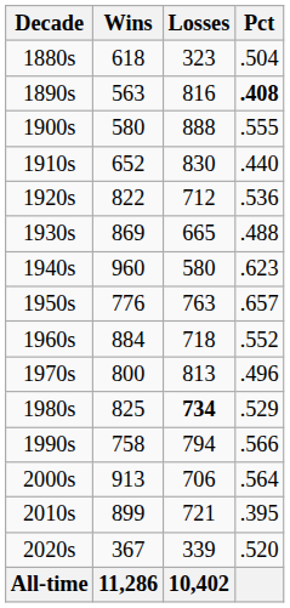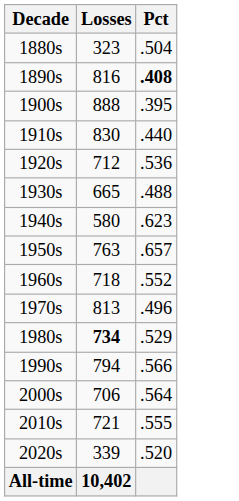 <table class="wikitable" style="text-align:center">
 <tr>
 <th style="text-align:center; ">Decade</th>
-<th style="text-align:center; ">Wins</th>
 <th style="text-align:center; ">Losses</th>
 <th style="text-align:center; ">Pct</th>
 </tr>
 <tr>
 <td>1880s</td>
-<td>618</td>
 <td>323</td>
 <td>.504</td>
 </tr>
 <tr>
 <td>1890s</td>
-<td>563</td>
 <td>816</td>
 <td><strong>.408</strong></td>
 </tr>
 <tr>
 <td>1900s</td>
-<td>580</td>
 <td>888</td>
-<td>.555</td>
+<td>.395</td>
 </tr>
 <tr>
 <td>1910s</td>
-<td>652</td>
 <td>830</td>
 <td>.440</td>
 </tr>
 <tr>
 <td>1920s</td>
-<td>822</td>
 <td>712</td>
 <td>.536</td>
 </tr>
 <tr>
 <td>1930s</td>
-<td>869</td>
 <td>665</td>
 <td>.488</td>
 </tr>
 <tr>
 <td>1940s</td>
-<td>960</td>
 <td>580</td>
 <td>.623</td>
 </tr>
 <tr>
 <td>1950s</td>
-<td>776</td>
 <td>763</td>
 <td>.657</td>
 </tr>
 <tr>
 <td>1960s</td>
-<td>884</td>
 <td>718</td>
 <td>.552</td>
 </tr>
 <tr>
 <td>1970s</td>
-<td>800</td>
 <td>813</td>
 <td>.496</td>
 </tr>
 <tr>
 <td>1980s</td>
-<td>825</td>
 <td><strong>734</strong></td>
 <td>.529</td>
 </tr>
 <tr>
 <td>1990s</td>
-<td>758</td>
 <td>794</td>
 <td>.566</td>
 </tr>
 <tr>
 <td>2000s</td>
-<td>913</td>
 <td>706</td>
 <td>.564</td>
 </tr>
 <tr>
 <td>2010s</td>
-<td>899</td>
 <td>721</td>
-<td>.395</td>
+<td>.555</td>
 </tr>
 <tr>
 <td>2020s</td>
-<td>367</td>
 <td>339</td>
 <td>.520</td>
 </tr>
 <tr style="background:#f0f0f0; font-weight:bold">
 <th style="text-align:center; ">All-time</th>
-<th style="text-align:center; ">11,286</th>
 <th style="text-align:center; ">10,402</th>
 <th style="text-align:center; "></th>
 </tr>
 </table>
